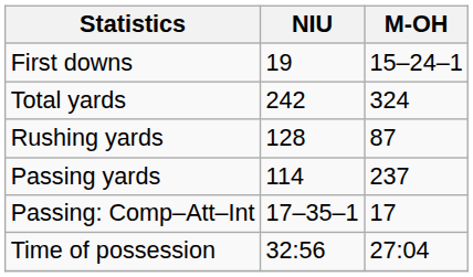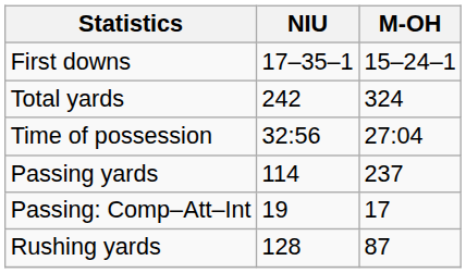 <table class="wikitable" style="float: left;">
 <tr>
 <th>Statistics</th>
 <th>NIU</th>
 <th>M-OH</th>
 </tr>
 <tr>
 <td>First downs</td>
-<td>19</td>
+<td>17–35–1</td>
 <td>15–24–1</td>
 </tr>
 <tr>
 <td>Total yards</td>
 <td>242</td>
 <td>324</td>
 </tr>
 <tr>
-<td>Rushing yards</td>
-<td>128</td>
-<td>87</td>
+<td>Time of possession</td>
+<td>32:56</td>
+<td>27:04</td>
 </tr>
 <tr>
 <td>Passing yards</td>
 <td>114</td>
 <td>237</td>
 </tr>
 <tr>
 <td>Passing: Comp–Att–Int</td>
-<td>17–35–1</td>
+<td>19</td>
 <td>17</td>
 </tr>
 <tr>
-<td>Time of possession</td>
-<td>32:56</td>
-<td>27:04</td>
+<td>Rushing yards</td>
+<td>128</td>
+<td>87</td>
 </tr>
 <tr>
 </tr>
 </table>
